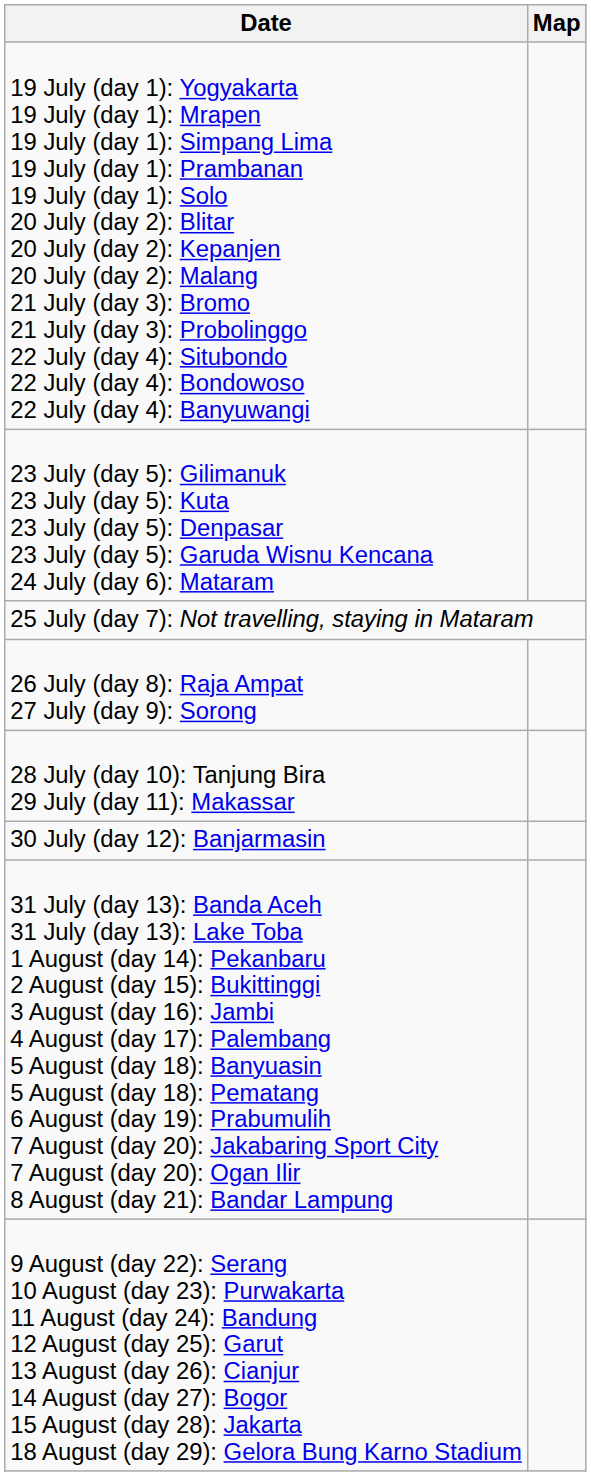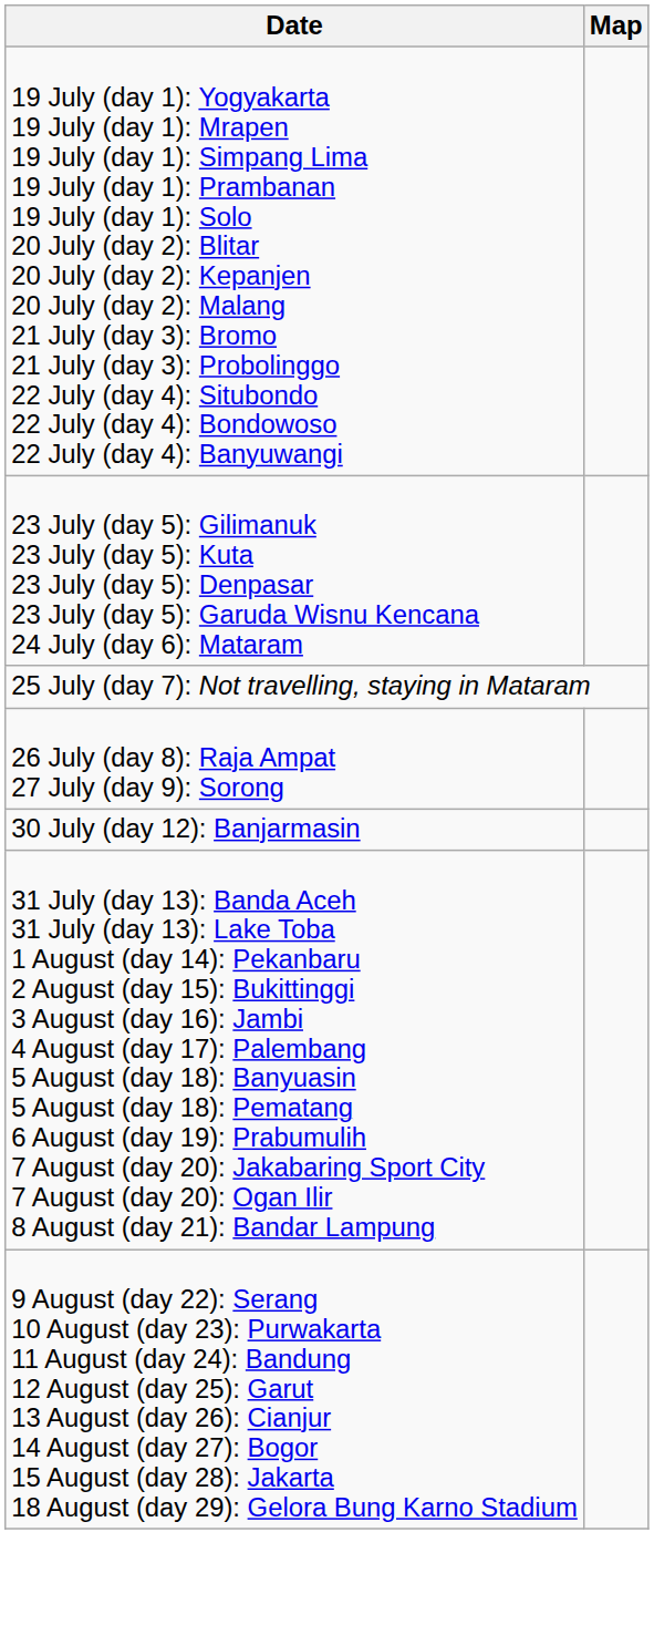 <table class="wikitable">
 <tr>
 <th>Date</th>
 <th>Map</th>
 </tr>
 <tr>
 <td><br>19 July (day 1): <a href='#'>Yogyakarta</a><br> 19 July (day 1): <a href='#'>Mrapen</a><br> 19 July (day 1): <a href='#'>Simpang Lima</a><br> 19 July (day 1): <a href='#'>Prambanan</a><br> 19 July (day 1): <a href='#'>Solo</a><br> 20 July (day 2): <a href='#'>Blitar</a><br> 20 July (day 2): <a href='#'>Kepanjen</a><br> 20 July (day 2): <a href='#'>Malang</a><br> 21 July (day 3): <a href='#'>Bromo</a><br> 21 July (day 3): <a href='#'>Probolinggo</a><br> 22 July (day 4): <a href='#'>Situbondo</a><br> 22 July (day 4): <a href='#'>Bondowoso</a><br> 22 July (day 4): <a href='#'>Banyuwangi</a></td>
 <td></td>
 </tr>
 <tr>
 <td><br>23 July (day 5): <a href='#'>Gilimanuk</a><br> 23 July (day 5): <a href='#'>Kuta</a><br> 23 July (day 5): <a href='#'>Denpasar</a><br> 23 July (day 5): <a href='#'>Garuda Wisnu Kencana</a><br> 24 July (day 6): <a href='#'>Mataram</a></td>
 <td></td>
 </tr>
 <tr>
 <td colspan="2">25 July (day 7): <em>Not travelling, staying in Mataram</em></td>
 </tr>
 <tr>
 <td><br>26 July (day 8): <a href='#'>Raja Ampat</a><br> 27 July (day 9): <a href='#'>Sorong</a></td>
 <td></td>
 </tr>
 <tr>
-<td><br>28 July (day 10): Tanjung Bira<br> 29 July (day 11): <a href='#'>Makassar</a></td>
-<td></td>
-</tr>
-<tr>
 <td>30 July (day 12): <a href='#'>Banjarmasin</a></td>
 <td></td>
 </tr>
 <tr>
 <td><br>31 July (day 13): <a href='#'>Banda Aceh</a><br> 31 July (day 13): <a href='#'>Lake Toba</a><br> 1 August (day 14): <a href='#'>Pekanbaru</a><br> 2 August (day 15): <a href='#'>Bukittinggi</a><br> 3 August (day 16): <a href='#'>Jambi</a><br> 4 August (day 17): <a href='#'>Palembang</a><br> 5 August (day 18): <a href='#'>Banyuasin</a><br> 5 August (day 18): <a href='#'>Pematang</a><br> 6 August (day 19): <a href='#'>Prabumulih</a><br> 7 August (day 20): <a href='#'>Jakabaring Sport City</a><br> 7 August (day 20): <a href='#'>Ogan Ilir</a><br> 8 August (day 21): <a href='#'>Bandar Lampung</a></td>
 <td></td>
 </tr>
 <tr>
 <td><br>9 August (day 22): <a href='#'>Serang</a><br> 10 August (day 23): <a href='#'>Purwakarta</a><br> 11 August (day 24): <a href='#'>Bandung</a><br> 12 August (day 25): <a href='#'>Garut</a><br> 13 August (day 26): <a href='#'>Cianjur</a><br> 14 August (day 27): <a href='#'>Bogor</a><br> 15 August (day 28): <a href='#'>Jakarta</a><br> 18 August (day 29): <a href='#'>Gelora Bung Karno Stadium</a></td>
 <td></td>
 </tr>
 </table>
